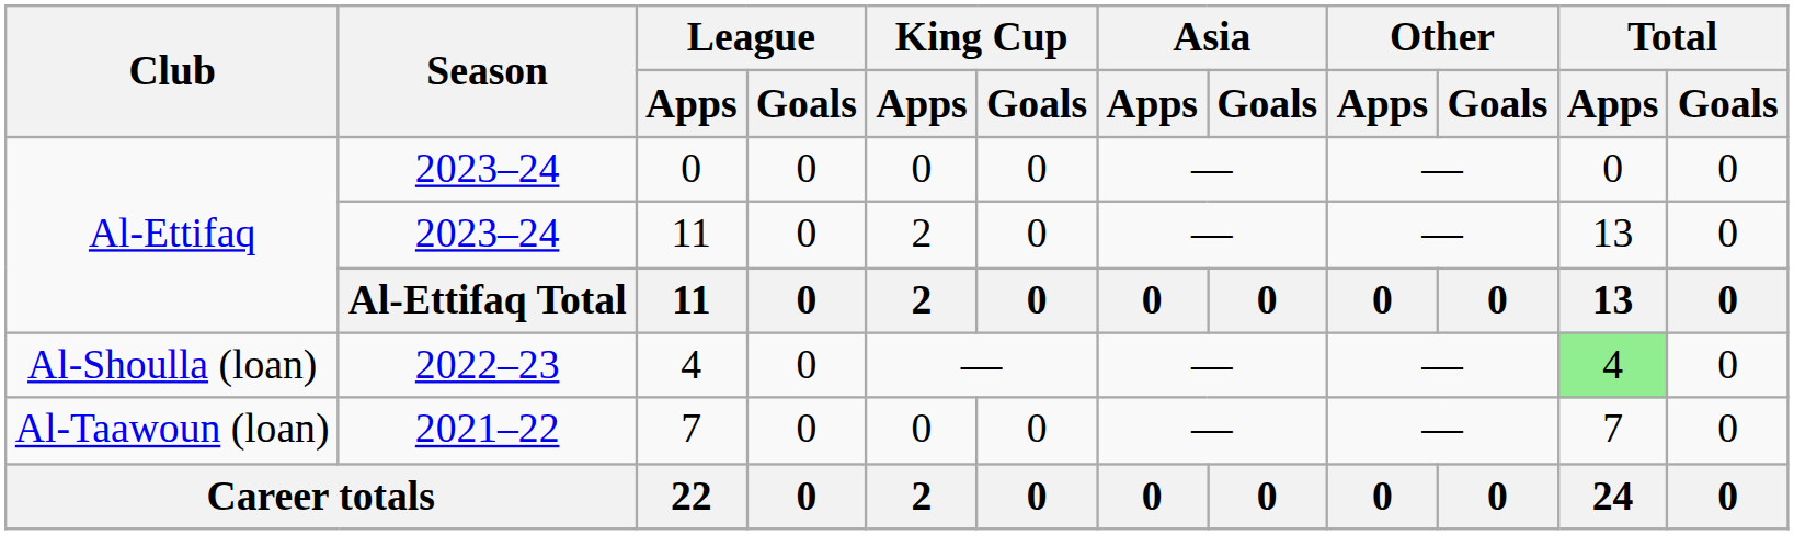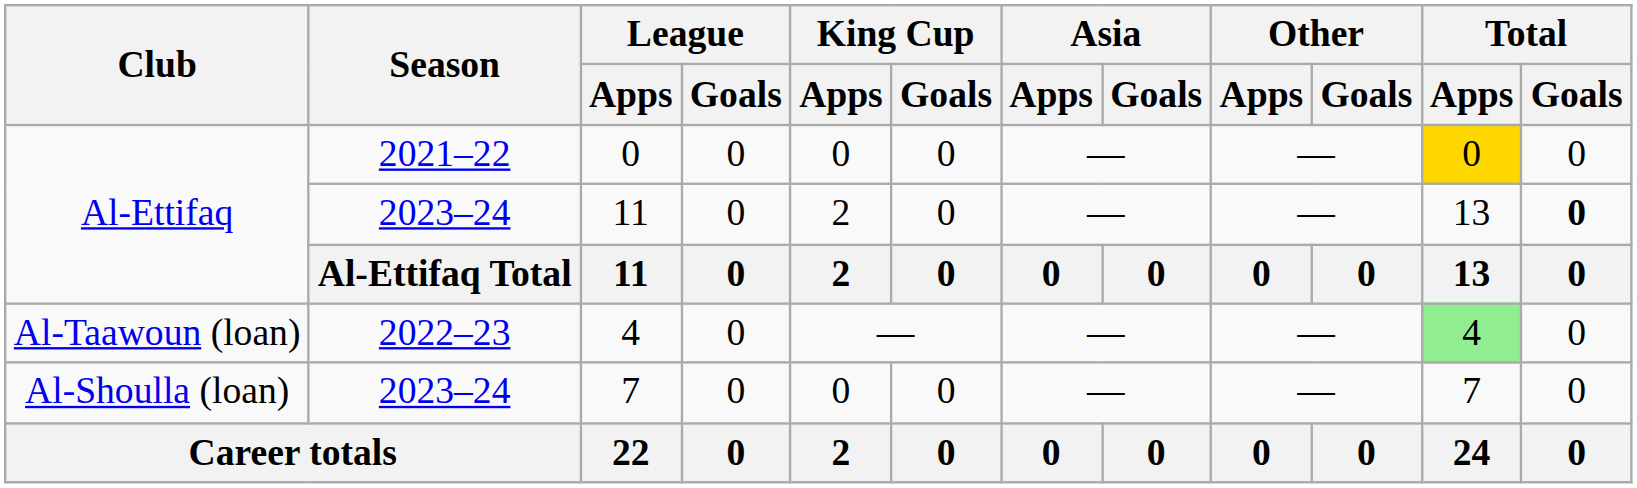 <table class="wikitable" style="text-align: center">
 <tr>
 <th rowspan=2>Club</th>
 <th rowspan=2>Season</th>
 <th colspan=2>League</th>
 <th colspan=2>King Cup</th>
 <th colspan=2>Asia</th>
 <th colspan=2>Other</th>
 <th colspan=2>Total</th>
 </tr>
 <tr>
 <th>Apps</th>
 <th>Goals</th>
 <th>Apps</th>
 <th>Goals</th>
 <th>Apps</th>
 <th>Goals</th>
 <th>Apps</th>
 <th>Goals</th>
 <th>Apps</th>
 <th>Goals</th>
 </tr>
 <tr>
 <td rowspan=3><a href='#'>Al-Ettifaq</a></td>
-<td><a href='#'>2023–24</a></td>
+<td><a href='#'>2021–22</a></td>
 <td>0</td>
 <td>0</td>
 <td>0</td>
 <td>0</td>
 <td colspan=2>—</td>
 <td colspan=2>—</td>
-<td>0</td>
+<td style="background: gold;">0</td>
 <td>0</td>
 </tr>
 <tr>
 <td><a href='#'>2023–24</a></td>
 <td>11</td>
 <td>0</td>
 <td>2</td>
 <td>0</td>
 <td colspan=2>—</td>
 <td colspan=2>—</td>
 <td>13</td>
-<td>0</td>
+<td><strong>0</strong></td>
 </tr>
 <tr>
 <th>Al-Ettifaq Total</th>
 <th>11</th>
 <th>0</th>
 <th>2</th>
 <th>0</th>
 <th>0</th>
 <th>0</th>
 <th>0</th>
 <th>0</th>
 <th>13</th>
 <th>0</th>
 </tr>
 <tr>
-<td rowspan=1><a href='#'>Al-Shoulla</a> (loan)</td>
+<td rowspan=1><a href='#'>Al-Taawoun</a> (loan)</td>
 <td><a href='#'>2022–23</a></td>
 <td>4</td>
 <td>0</td>
 <td colspan=2>—</td>
 <td colspan=2>—</td>
 <td colspan=2>—</td>
 <td style="background: lightgreen;">4</td>
 <td>0</td>
 </tr>
 <tr>
-<td rowspan=1><a href='#'>Al-Taawoun</a> (loan)</td>
-<td><a href='#'>2021–22</a></td>
+<td rowspan=1><a href='#'>Al-Shoulla</a> (loan)</td>
+<td><a href='#'>2023–24</a></td>
 <td>7</td>
 <td>0</td>
 <td>0</td>
 <td>0</td>
 <td colspan=2>—</td>
 <td colspan=2>—</td>
 <td>7</td>
 <td>0</td>
 </tr>
 <tr>
 <th colspan=2>Career totals</th>
 <th>22</th>
 <th>0</th>
 <th>2</th>
 <th>0</th>
 <th>0</th>
 <th>0</th>
 <th>0</th>
 <th>0</th>
 <th>24</th>
 <th>0</th>
 </tr>
 </table>
